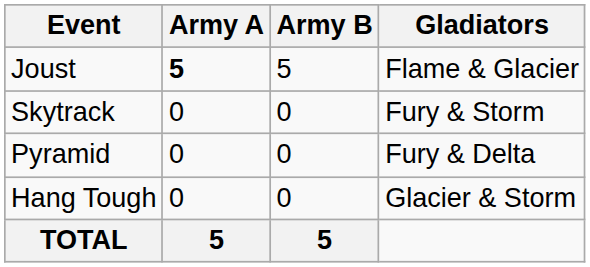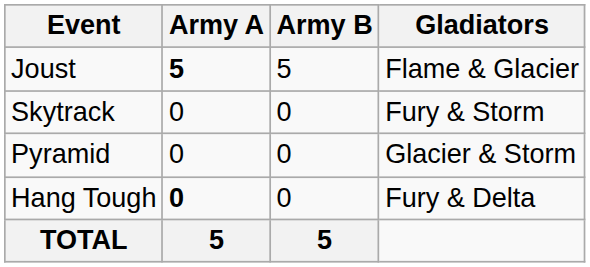 <table class="wikitable">
 <tr>
 <th>Event</th>
 <th>Army A</th>
 <th>Army B</th>
 <th>Gladiators</th>
 </tr>
 <tr>
 <td>Joust</td>
 <td><strong>5</strong></td>
 <td>5</td>
 <td>Flame & Glacier</td>
 </tr>
 <tr>
 <td>Skytrack</td>
 <td>0</td>
 <td>0</td>
 <td>Fury & Storm</td>
 </tr>
 <tr>
 <td>Pyramid</td>
 <td>0</td>
 <td>0</td>
-<td>Fury & Delta</td>
+<td>Glacier & Storm</td>
 </tr>
 <tr>
 <td>Hang Tough</td>
+<td><strong>0</strong></td>
 <td>0</td>
-<td>0</td>
-<td>Glacier & Storm</td>
+<td>Fury & Delta</td>
 </tr>
 <tr>
 <th>TOTAL</th>
 <th>5</th>
 <th>5</th>
 </tr>
 </table>
